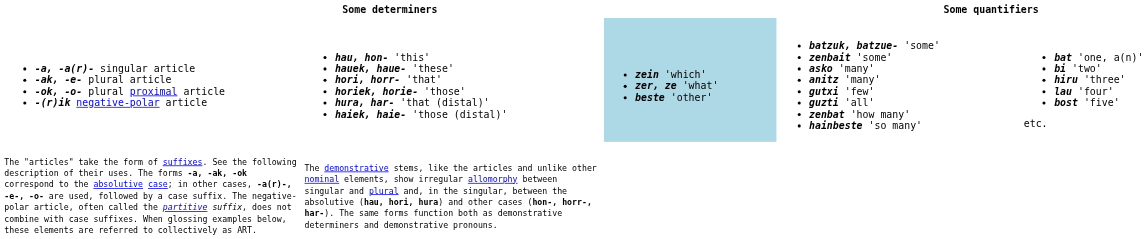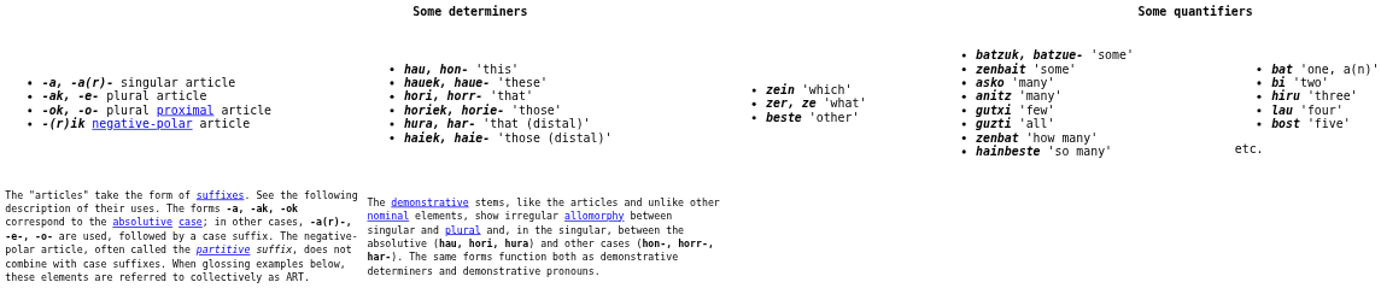 <table>
 <tr>
 <th colspan=3 align="center">Some determiners</th>
 <th colspan=2 align="center">Some quantifiers</th>
 </tr>
 <tr>
 <td width=25%><br><ul><li><strong><em>-a, -a(r)-</em></strong> singular article</li><li><strong><em>-ak, -e-</em></strong> plural article</li><li><strong><em>-ok, -o-</em></strong> plural <a href='#'>proximal</a> article</li><li><strong><em>-(r)ik</em></strong> <a href='#'>negative-polar</a> article</li></ul></td>
 <td width=25%><br><ul><li><strong><em>hau, hon-</em></strong> 'this'</li><li><strong><em>hauek, haue-</em></strong> 'these'</li><li><strong><em>hori, horr-</em></strong> 'that'</li><li><strong><em>horiek, horie-</em></strong> 'those'</li><li><strong><em>hura, har-</em></strong> 'that (distal)'</li><li><strong><em>haiek, haie-</em></strong> 'those (distal)'</li></ul></td>
-<td style="background: lightblue;"><br><ul><li><strong><em>zein</em></strong> 'which'</li><li><strong><em>zer, ze</em></strong> 'what'</li><li><strong><em>beste</em></strong> 'other'</li></ul></td>
+<td><br><ul><li><strong><em>zein</em></strong> 'which'</li><li><strong><em>zer, ze</em></strong> 'what'</li><li><strong><em>beste</em></strong> 'other'</li></ul></td>
 <td><br><ul><li><strong><em>batzuk, batzue-</em></strong> 'some'</li><li><strong><em>zenbait</em></strong> 'some'</li><li><strong><em>asko</em></strong> 'many'</li><li><strong><em>anitz</em></strong> 'many'</li><li><strong><em>gutxi</em></strong> 'few'</li><li><strong><em>guzti</em></strong> 'all'</li><li><strong><em>zenbat</em></strong> 'how many'</li><li><strong><em>hainbeste</em></strong> 'so many'</li></ul></td>
 <td><br><ul><li><strong><em>bat</em></strong> 'one, a(n)'</li><li><strong><em>bi</em></strong> 'two'</li><li><strong><em>hiru</em></strong> 'three'</li><li><strong><em>lau</em></strong> 'four'</li><li><strong><em>bost</em></strong> 'five'</li></ul>etc.</td>
 </tr>
 <tr>
 <td><br><small>The "articles" take the form of <a href='#'>suffixes</a>. See the following description of their uses. The forms <strong>-a, -ak, -ok</strong> correspond to the <a href='#'>absolutive</a> <a href='#'>case</a>; in other cases, <strong>-a(r)-, -e-, -o-</strong> are used, followed by a case suffix. The negative-polar article, often called the <em><a href='#'>partitive</a> suffix</em>, does not combine with case suffixes. When glossing examples below, these elements are referred to collectively as ART.</small></td>
 <td><br><small>The <a href='#'>demonstrative</a> stems, like the articles and unlike other <a href='#'>nominal</a> elements, show irregular <a href='#'>allomorphy</a> between singular and <a href='#'>plural</a> and, in the singular, between the absolutive (<strong>hau, hori, hura</strong>) and other cases (<strong>hon-, horr-, har-</strong>). The same forms function both as demonstrative determiners and demonstrative pronouns.</small></td>
 </tr>
 </table>
